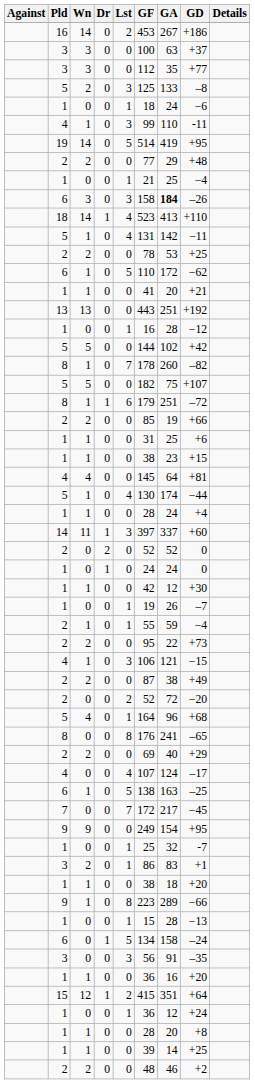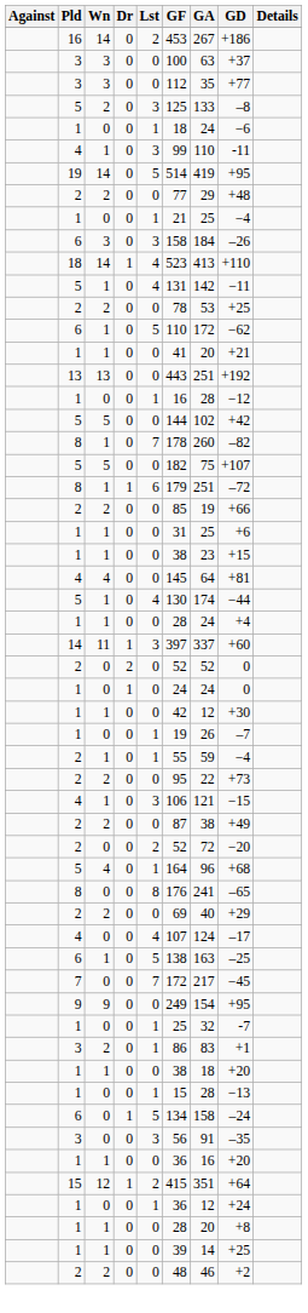 <table class="wikitable collapsible collapsed sortable ">
 <tr>
 <th>Against</th>
 <th>Pld</th>
 <th>Wn</th>
 <th>Dr</th>
 <th>Lst</th>
 <th>GF</th>
 <th>GA</th>
 <th>GD</th>
 <th>Details</th>
 </tr>
 <tr bgcolor="#d0ffd0">
 </tr>
 <tr align="right">
 <td align="left"></td>
 <td>16</td>
 <td>14</td>
 <td>0</td>
 <td>2</td>
 <td>453</td>
 <td>267</td>
 <td data-sort-value="02">+186</td>
 <td><br></td>
 </tr>
 <tr align="right">
 <td align="left"></td>
 <td>3</td>
 <td>3</td>
 <td>0</td>
 <td>0</td>
 <td>100</td>
 <td>63</td>
 <td data-sort-value="03.283">+37</td>
 <td><br></td>
 </tr>
 <tr align="right">
 <td align="left"></td>
 <td>3</td>
 <td>3</td>
 <td>0</td>
 <td>0</td>
 <td>112</td>
 <td>35</td>
 <td data-sort-value="03.243">+77</td>
 <td><br></td>
 </tr>
 <tr align="right">
 <td align="left"></td>
 <td>5</td>
 <td>2</td>
 <td>0</td>
 <td>3</td>
 <td>125</td>
 <td>133</td>
 <td data-sort-value="42">–8</td>
 <td><br></td>
 </tr>
 <tr align="right">
 <td align="left"></td>
 <td>1</td>
 <td>0</td>
 <td>0</td>
 <td>1</td>
 <td>18</td>
 <td>24</td>
 <td data-sort-value="39">−6</td>
 <td><br></td>
 </tr>
 <tr align="right">
 <td align="left"></td>
 <td>4</td>
 <td>1</td>
 <td>0</td>
 <td>3</td>
 <td>99</td>
 <td>110</td>
 <td data-sort-value="44">-11</td>
 <td><br></td>
 </tr>
 <tr align="right">
 <td align="left"></td>
 <td>19</td>
 <td>14</td>
 <td>0</td>
 <td>5</td>
 <td>514</td>
 <td>419</td>
 <td data-sort-value="03.225">+95</td>
 <td><br></td>
 </tr>
 <tr align="right">
 <td align="left"></td>
 <td>2</td>
 <td>2</td>
 <td>0</td>
 <td>0</td>
 <td>77</td>
 <td>29</td>
 <td data-sort-value="15">+48</td>
 <td><br></td>
 </tr>
 <tr align="right">
 <td align=" left"></td>
 <td>1</td>
 <td>0</td>
 <td>0</td>
 <td>1</td>
 <td>21</td>
 <td>25</td>
 <td data-sort-value="37">−4</td>
 <td><br></td>
 </tr>
 <tr align="right">
 <td align="left"></td>
 <td>6</td>
 <td>3</td>
 <td>0</td>
 <td>3</td>
 <td>158</td>
-<td><strong>184</strong></td>
+<td>184</td>
 <td data-sort-value="07.516">–26</td>
 <td><br></td>
 </tr>
 <tr align="right">
 <td align="left"></td>
 <td>18</td>
 <td>14</td>
 <td>1</td>
 <td>4</td>
 <td>523</td>
 <td>413</td>
 <td data-sort-value="02.20">+110</td>
 <td><br></td>
 </tr>
 <tr align="right">
 <td align="left"></td>
 <td>5</td>
 <td>1</td>
 <td>0</td>
 <td>4</td>
 <td>131</td>
 <td>142</td>
 <td data-sort-value="07.501">−11</td>
 <td><br></td>
 </tr>
 <tr align="right">
 <td align="left"></td>
 <td>2</td>
 <td>2</td>
 <td>0</td>
 <td>0</td>
 <td>78</td>
 <td>53</td>
 <td data-sort-value="3.295">+25</td>
 <td><br></td>
 </tr>
 <tr align="right">
 <td align="left"></td>
 <td>6</td>
 <td>1</td>
 <td>0</td>
 <td>5</td>
 <td>110</td>
 <td>172</td>
 <td data-sort-value="07.552">−62</td>
 <td><br></td>
 </tr>
 <tr align="right">
 <td align="left"></td>
 <td>1</td>
 <td>1</td>
 <td>0</td>
 <td>0</td>
 <td>41</td>
 <td>20</td>
 <td data-sort-value="03.299">+21</td>
 <td><br></td>
 </tr>
 <tr align="right">
 <td align="left"></td>
 <td>13</td>
 <td>13</td>
 <td>0</td>
 <td>0</td>
 <td>443</td>
 <td>251</td>
 <td data-sort-value="02.12">+192</td>
 <td><br></td>
 </tr>
 <tr align="right">
 <td align="left"></td>
 <td>1</td>
 <td>0</td>
 <td>0</td>
 <td>1</td>
 <td>16</td>
 <td>28</td>
 <td data-sort-value="07.502">−12</td>
 <td><br></td>
 </tr>
 <tr align="right">
 <td align="left"></td>
 <td>5</td>
 <td>5</td>
 <td>0</td>
 <td>0</td>
 <td>144</td>
 <td>102</td>
 <td data-sort-value="03.282">+42</td>
 <td><br></td>
 </tr>
 <tr align="right">
 <td align="left"></td>
 <td>8</td>
 <td>1</td>
 <td>0</td>
 <td>7</td>
 <td>178</td>
 <td>260</td>
 <td data-sort-value="07.572">–82</td>
 <td><br></td>
 </tr>
 <tr align="right">
 <td align="left"></td>
 <td>5</td>
 <td>5</td>
 <td>0</td>
 <td>0</td>
 <td>182</td>
 <td>75</td>
 <td data-sort-value="02.21">+107</td>
 <td><br></td>
 </tr>
 <tr align="right">
 <td align="left"></td>
 <td>8</td>
 <td>1</td>
 <td>1</td>
 <td>6</td>
 <td>179</td>
 <td>251</td>
 <td data-sort-value="07.562">–72</td>
 <td><br></td>
 </tr>
 <tr align="right">
 <td align="left"></td>
 <td>2</td>
 <td>2</td>
 <td>0</td>
 <td>0</td>
 <td>85</td>
 <td>19</td>
 <td data-sort-value="03.272">+66</td>
 <td><br></td>
 </tr>
 <tr align="right">
 <td align="left"></td>
 <td>1</td>
 <td>1</td>
 <td>0</td>
 <td>0</td>
 <td>31</td>
 <td>25</td>
 <td data-sort-value="04.344">+6</td>
 <td><br></td>
 </tr>
 <tr align="right">
 <td align="left"></td>
 <td>1</td>
 <td>1</td>
 <td>0</td>
 <td>0</td>
 <td>38</td>
 <td>23</td>
 <td data-sort-value="3.305">+15</td>
 <td><br></td>
 </tr>
 <tr align="right">
 <td align="left"></td>
 <td>4</td>
 <td>4</td>
 <td>0</td>
 <td>0</td>
 <td>145</td>
 <td>64</td>
 <td data-sort-value="03.239">+81</td>
 <td><br></td>
 </tr>
 <tr align="right">
 <td align="left"></td>
 <td>5</td>
 <td>1</td>
 <td>0</td>
 <td>4</td>
 <td>130</td>
 <td>174</td>
 <td data-sort-value="07.534">−44</td>
 <td><br></td>
 </tr>
 <tr align="right">
 <td align="left"></td>
 <td>1</td>
 <td>1</td>
 <td>0</td>
 <td>0</td>
 <td>28</td>
 <td>24</td>
 <td data-sort-value="04.366">+4</td>
 <td><br></td>
 </tr>
 <tr align="right">
 <td align="left"></td>
 <td>14</td>
 <td>11</td>
 <td>1</td>
 <td>3</td>
 <td>397</td>
 <td>337</td>
 <td data-sort-value="03.253">+60</td>
 <td><br></td>
 </tr>
 <tr align="right">
 <td align="left"></td>
 <td>2</td>
 <td>0</td>
 <td>2</td>
 <td>0</td>
 <td>52</td>
 <td>52</td>
 <td data-sort-value="05.40">0</td>
 <td><br></td>
 </tr>
 <tr align="right">
 <td align="left"></td>
 <td>1</td>
 <td>0</td>
 <td>1</td>
 <td>0</td>
 <td>24</td>
 <td>24</td>
 <td data-sort-value="05.40">0</td>
 <td><br></td>
 </tr>
 <tr align="right">
 <td align="left"></td>
 <td>1</td>
 <td>1</td>
 <td>0</td>
 <td>0</td>
 <td>42</td>
 <td>12</td>
 <td data-sort-value="03.289">+30</td>
 <td><br></td>
 </tr>
 <tr align="right">
 <td align="left"></td>
 <td>1</td>
 <td>0</td>
 <td>0</td>
 <td>1</td>
 <td>19</td>
 <td>26</td>
 <td data-sort-value="06.477">–7</td>
 <td><br></td>
 </tr>
 <tr align="right">
 <td align="left"></td>
 <td>2</td>
 <td>1</td>
 <td>0</td>
 <td>1</td>
 <td>55</td>
 <td>59</td>
 <td data-sort-value="06.444">−4</td>
 <td><br></td>
 </tr>
 <tr align="right">
 <td align="left"></td>
 <td>2</td>
 <td>2</td>
 <td>0</td>
 <td>0</td>
 <td>95</td>
 <td>22</td>
 <td data-sort-value="03.247">+73</td>
 <td><br></td>
 </tr>
 <tr align="right">
 <td align="left"></td>
 <td>4</td>
 <td>1</td>
 <td>0</td>
 <td>3</td>
 <td>106</td>
 <td>121</td>
 <td data-sort-value="07.505">−15</td>
 <td><br></td>
 </tr>
 <tr align="right">
 <td align="left"></td>
 <td>2</td>
 <td>2</td>
 <td>0</td>
 <td>0</td>
 <td>87</td>
 <td>38</td>
 <td data-sort-value="03.271">+49</td>
 <td><br></td>
 </tr>
 <tr align="right">
 <td align="left"></td>
 <td>2</td>
 <td>0</td>
 <td>0</td>
 <td>2</td>
 <td>52</td>
 <td>72</td>
 <td data-sort-value="07.510">−20</td>
 <td><br></td>
 </tr>
 <tr align="right">
 <td align="left"></td>
 <td>5</td>
 <td>4</td>
 <td>0</td>
 <td>1</td>
 <td>164</td>
 <td>96</td>
 <td data-sort-value="03.252">+68</td>
 <td><br></td>
 </tr>
 <tr align="right">
 <td align="left"></td>
 <td>8</td>
 <td>0</td>
 <td>0</td>
 <td>8</td>
 <td>176</td>
 <td>241</td>
 <td data-sort-value="07.555">–65</td>
 <td><br></td>
 </tr>
 <tr align="right">
 <td align="left"></td>
 <td>2</td>
 <td>2</td>
 <td>0</td>
 <td>0</td>
 <td>69</td>
 <td>40</td>
 <td data-sort-value="03.291">+29</td>
 <td><br></td>
 </tr>
 <tr align="right">
 <td align="left"></td>
 <td>4</td>
 <td>0</td>
 <td>0</td>
 <td>4</td>
 <td>107</td>
 <td>124</td>
 <td data-sort-value="07.507">–17</td>
 <td><br></td>
 </tr>
 <tr align="right">
 <td align="left"></td>
 <td>6</td>
 <td>1</td>
 <td>0</td>
 <td>5</td>
 <td>138</td>
 <td>163</td>
 <td data-sort-value="07.515">–25</td>
 <td><br></td>
 </tr>
 <tr align="right">
 <td align="left"></td>
 <td>7</td>
 <td>0</td>
 <td>0</td>
 <td>7</td>
 <td>172</td>
 <td>217</td>
 <td data-sort-value="07.535">−45</td>
 <td><br></td>
 </tr>
 <tr align="right">
 <td align="left"></td>
 <td>9</td>
 <td>9</td>
 <td>0</td>
 <td>0</td>
 <td>249</td>
 <td>154</td>
 <td data-sort-value="03.237">+95</td>
 <td><br></td>
 </tr>
 <tr align="right">
 <td align="left"></td>
 <td>1</td>
 <td>0</td>
 <td>0</td>
 <td>1</td>
 <td>25</td>
 <td>32</td>
 <td data-sort-value="06.477">-7</td>
 <td><br></td>
 </tr>
 <tr align="right">
 <td align="left"></td>
 <td>3</td>
 <td>2</td>
 <td>0</td>
 <td>1</td>
 <td>86</td>
 <td>83</td>
 <td data-sort-value="04.399">+1</td>
 <td><br></td>
 </tr>
 <tr align="right">
 <td align="left"></td>
 <td>1</td>
 <td>1</td>
 <td>0</td>
 <td>0</td>
 <td>38</td>
 <td>18</td>
 <td data-sort-value="03.300">+20</td>
 <td><br></td>
 </tr>
 <tr align="right">
 <td align="left"></td>
-<td>9</td>
-<td>1</td>
-<td>0</td>
-<td>8</td>
-<td>223</td>
-<td>289</td>
-<td data-sort-value="07.556">−66</td>
-<td><br></td>
-</tr>
-<tr align="right">
-<td align="left"></td>
 <td>1</td>
 <td>0</td>
 <td>0</td>
 <td>1</td>
 <td>15</td>
 <td>28</td>
 <td data-sort-value="07.503">−13</td>
 <td><br></td>
 </tr>
 <tr align="right">
 <td align=" left"></td>
 <td>6</td>
 <td>0</td>
 <td>1</td>
 <td>5</td>
 <td>134</td>
 <td>158</td>
 <td data-sort-value="07.514">–24</td>
 <td><br></td>
 </tr>
 <tr align="right">
 <td align=" left"></td>
 <td>3</td>
 <td>0</td>
 <td>0</td>
 <td>3</td>
 <td>56</td>
 <td>91</td>
 <td data-sort-value="07.525">–35</td>
 <td><br></td>
 </tr>
 <tr align="right">
 <td align="left"></td>
 <td>1</td>
 <td>1</td>
 <td>0</td>
 <td>0</td>
 <td>36</td>
 <td>16</td>
 <td data-sort-value="03.300">+20</td>
 <td><br></td>
 </tr>
 <tr align="right">
 <td align="left"></td>
 <td>15</td>
 <td>12</td>
 <td>1</td>
 <td>2</td>
 <td>415</td>
 <td>351</td>
 <td data-sort-value="03.259">+64</td>
 <td><br></td>
 </tr>
 <tr align="right">
 <td align="left"></td>
 <td>1</td>
 <td>0</td>
 <td>0</td>
 <td>1</td>
 <td>36</td>
 <td>12</td>
 <td data-sort-value="03.296">+24</td>
 <td><br></td>
 </tr>
 <tr align="right">
 <td align="left"></td>
 <td>1</td>
 <td>1</td>
 <td>0</td>
 <td>0</td>
 <td>28</td>
 <td>20</td>
 <td data-sort-value="04.322">+8</td>
 <td><br></td>
 </tr>
 <tr align="right">
 <td align="left"></td>
 <td>1</td>
 <td>1</td>
 <td>0</td>
 <td>0</td>
 <td>39</td>
 <td>14</td>
 <td data-sort-value="03.295">+25</td>
 <td><br></td>
 </tr>
 <tr align="right">
 <td align="left"></td>
 <td>2</td>
 <td>2</td>
 <td>0</td>
 <td>0</td>
 <td>48</td>
 <td>46</td>
 <td data-sort-value="04.388">+2</td>
 <td><br></td>
 </tr>
 </table>
